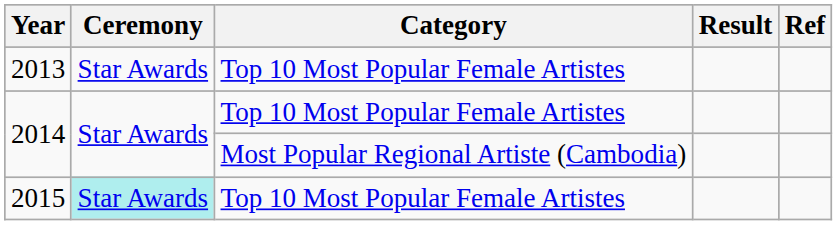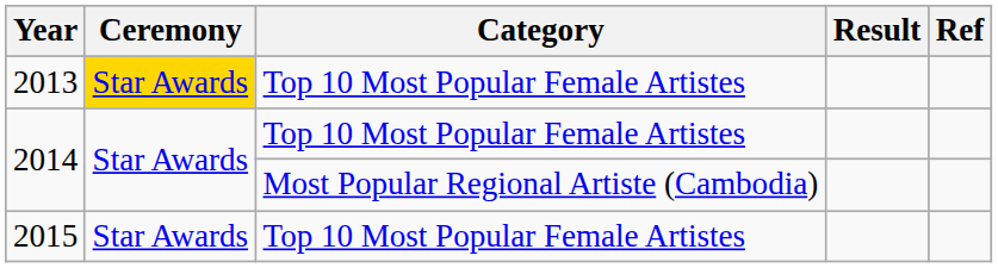 <table class="wikitable sortable">
 <tr>
 <th>Year</th>
 <th>Ceremony</th>
 <th>Category</th>
 <th>Result</th>
 <th class="unsortable">Ref</th>
 </tr>
 <tr>
 <td>2013</td>
-<td><a href='#'>Star Awards</a></td>
+<td style="background: gold;"><a href='#'>Star Awards</a></td>
 <td><a href='#'>Top 10 Most Popular Female Artistes</a></td>
 <td></td>
 <td></td>
 </tr>
 <tr>
 <td rowspan="2">2014</td>
 <td rowspan="2"><a href='#'>Star Awards</a></td>
 <td><a href='#'>Top 10 Most Popular Female Artistes</a></td>
 <td></td>
 <td></td>
 </tr>
 <tr>
 <td><a href='#'>Most Popular Regional Artiste</a> (<a href='#'>Cambodia</a>)</td>
 <td></td>
 <td></td>
 </tr>
 <tr>
 <td>2015</td>
-<td style="background: paleturquoise;"><a href='#'>Star Awards</a></td>
+<td><a href='#'>Star Awards</a></td>
 <td><a href='#'>Top 10 Most Popular Female Artistes</a></td>
 <td></td>
 <td></td>
 </tr>
 </table>
